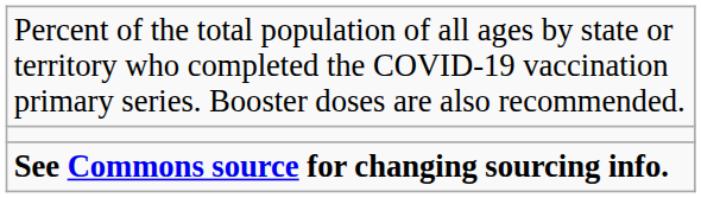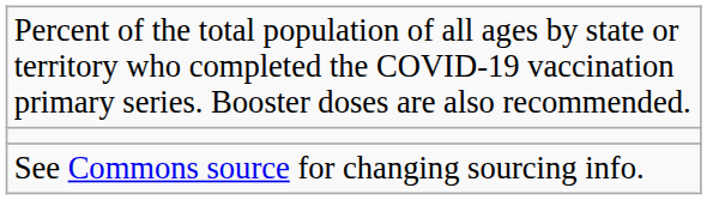 <table class=wikitable style="width:350px; float:right; clear:right;">
 <tr>
 <td>Percent of the total population of all ages by state or territory who completed the COVID-19 vaccination primary series. Booster doses are also recommended.</td>
 </tr>
 <tr>
 <td></td>
 </tr>
 <tr>
-<td><strong>See <a href='#'>Commons source</a> for changing sourcing info.</strong></td>
+<td>See <a href='#'>Commons source</a> for changing sourcing info.</td>
 </tr>
 </table>
